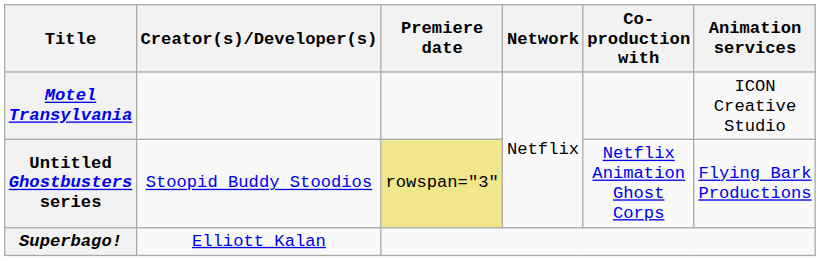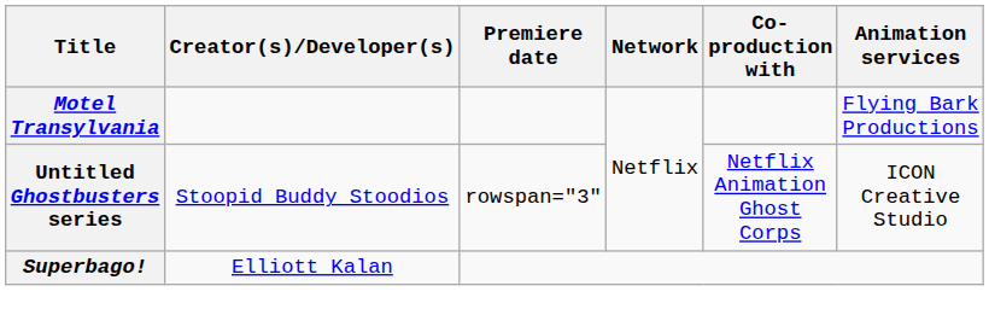 <table class="wikitable plainrowheaders sortable" style="text-align: center">
 <tr>
 <th scope="col" width=15%>Title</th>
 <th scope="col" width=10%>Creator(s)/Developer(s)</th>
 <th scope="col" width=12%>Premiere date</th>
 <th scope="col" width=10%>Network</th>
 <th scope="col" width=10%>Co-production with</th>
 <th scope="col" width=10%>Animation services</th>
 </tr>
 <tr>
 <th scope="row"><em><a href='#'>Motel Transylvania</a></em></th>
 <td></td>
 <td></td>
 <td rowspan="2">Netflix</td>
 <td></td>
-<td>ICON Creative Studio</td>
+<td><a href='#'>Flying Bark Productions</a></td>
 </tr>
 <tr>
 <th scope="row">Untitled <em><a href='#'>Ghostbusters</a></em> series</th>
 <td><a href='#'>Stoopid Buddy Stoodios</a></td>
-<td style="background: khaki;">rowspan="3" </td>
+<td>rowspan="3" </td>
 <td><a href='#'>Netflix Animation</a><br><a href='#'>Ghost Corps</a></td>
-<td><a href='#'>Flying Bark Productions</a></td>
+<td>ICON Creative Studio</td>
 </tr>
 <tr>
 <th scope="row"><em>Superbago!</em></th>
 <td><a href='#'>Elliott Kalan</a></td>
 </tr>
 </table>
